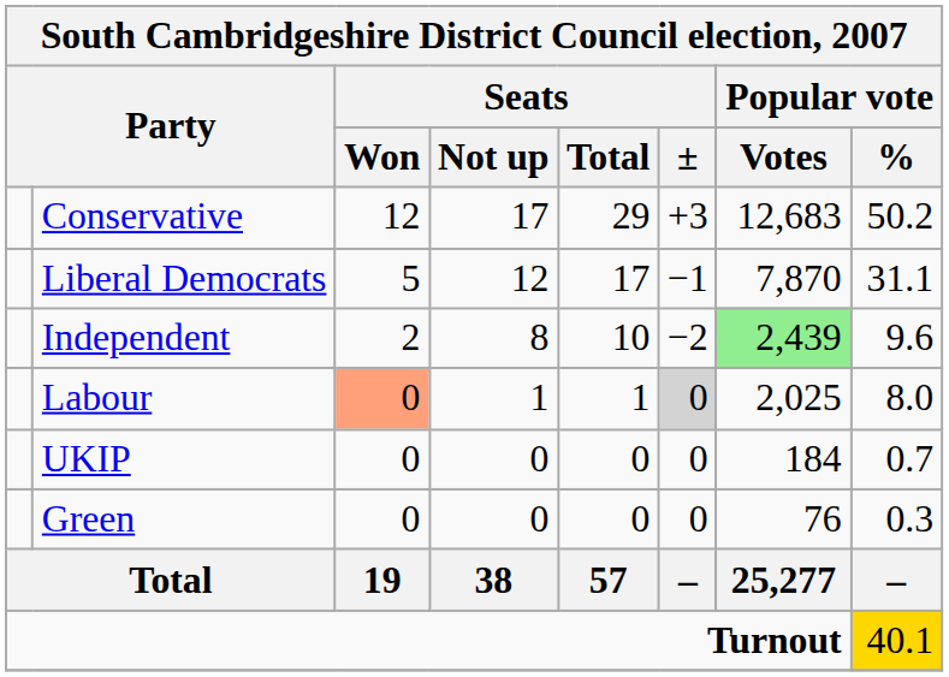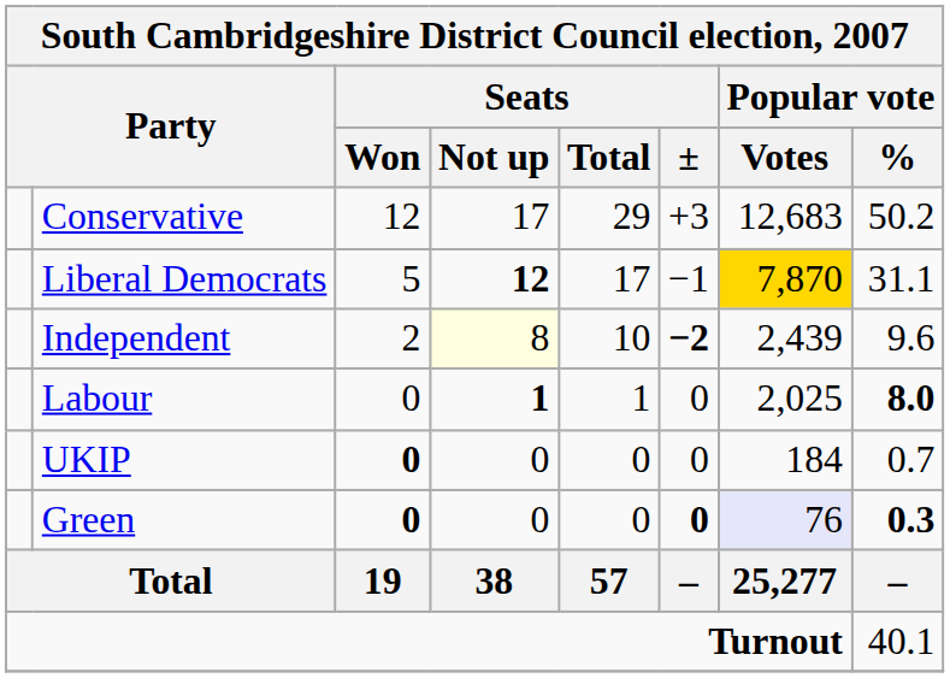 <table class="wikitable">
 <tr>
 <th colspan="8"><strong>South Cambridgeshire District Council election, 2007</strong></th>
 </tr>
 <tr>
 <th rowspan="2" colspan="2">Party</th>
 <th colspan="4">Seats</th>
 <th colspan="2">Popular vote</th>
 </tr>
 <tr>
 <th>Won</th>
 <th>Not up</th>
 <th>Total</th>
 <th>±</th>
 <th>Votes</th>
 <th>%</th>
 </tr>
 <tr>
 <td style="background-color: "> </td>
 <td><a href='#'>Conservative</a></td>
 <td align=right>12</td>
 <td align=right>17</td>
 <td align=right>29</td>
 <td align=right>+3</td>
 <td align=right>12,683</td>
 <td align=right>50.2</td>
 </tr>
 <tr>
 <td style="background-color: "> </td>
 <td><a href='#'>Liberal Democrats</a></td>
 <td align=right>5</td>
-<td align=right>12</td>
+<td align=right><strong>12</strong></td>
 <td align=right>17</td>
 <td align=right>−1</td>
-<td align=right>7,870</td>
+<td align=right style="background: gold;">7,870</td>
 <td align=right>31.1</td>
 </tr>
 <tr>
 <td style="background-color: "> </td>
 <td><a href='#'>Independent</a></td>
 <td align=right>2</td>
-<td align=right>8</td>
+<td align=right style="background: lightyellow;">8</td>
 <td align=right>10</td>
-<td align=right>−2</td>
-<td align=right style="background: lightgreen;">2,439</td>
+<td align=right><strong>−2</strong></td>
+<td align=right>2,439</td>
 <td align=right>9.6</td>
 </tr>
 <tr>
 <td style="background-color: "> </td>
 <td><a href='#'>Labour</a></td>
-<td align=right style="background: lightsalmon;">0</td>
+<td align=right>0</td>
+<td align=right><strong>1</strong></td>
 <td align=right>1</td>
-<td align=right>1</td>
-<td align=right style="background: lightgrey;">0</td>
+<td align=right>0</td>
 <td align=right>2,025</td>
-<td align=right>8.0</td>
+<td align=right><strong>8.0</strong></td>
 </tr>
 <tr>
 <td style="background-color: "> </td>
 <td><a href='#'>UKIP</a></td>
-<td align=right>0</td>
+<td align=right><strong>0</strong></td>
 <td align=right>0</td>
 <td align=right>0</td>
 <td align=right>0</td>
 <td align=right>184</td>
 <td align=right>0.7</td>
 </tr>
 <tr>
 <td style="background-color: "> </td>
 <td><a href='#'>Green</a></td>
+<td align=right><strong>0</strong></td>
 <td align=right>0</td>
 <td align=right>0</td>
-<td align=right>0</td>
-<td align=right>0</td>
-<td align=right>76</td>
-<td align=right>0.3</td>
+<td align=right><strong>0</strong></td>
+<td align=right style="background: lavender;">76</td>
+<td align=right><strong>0.3</strong></td>
 </tr>
 <tr>
 <th colspan="2">Total</th>
 <th align=right>19</th>
 <th align=right>38</th>
 <th align=right>57</th>
 <th align=right>–</th>
 <th align=right>25,277</th>
 <th align=right>–</th>
 </tr>
 <tr>
 <td colspan="7" align=right><strong>Turnout</strong></td>
-<td align=right style="background: gold;">40.1</td>
+<td align=right>40.1</td>
 </tr>
 <tr>
 </tr>
 </table>
